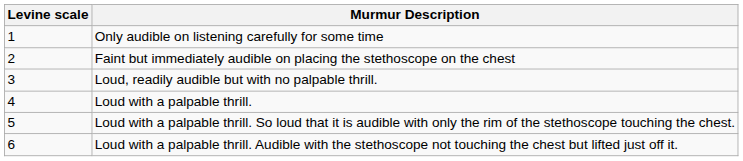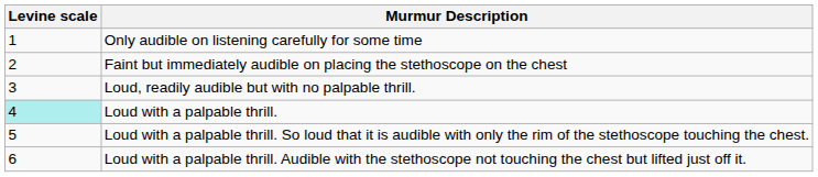 <table class="wikitable">
 <tr>
 <th>Levine scale</th>
 <th>Murmur Description</th>
 </tr>
 <tr>
 <td>1</td>
 <td>Only audible on listening carefully for some time</td>
 </tr>
 <tr>
 <td>2</td>
 <td>Faint but immediately audible on placing the stethoscope on the chest</td>
 </tr>
 <tr>
 <td>3</td>
 <td>Loud, readily audible but with no palpable thrill.</td>
 </tr>
 <tr>
-<td>4</td>
+<td style="background: paleturquoise;">4</td>
 <td>Loud with a palpable thrill.</td>
 </tr>
 <tr>
 <td>5</td>
 <td>Loud with a palpable thrill. So loud that it is audible with only the rim of the stethoscope touching the chest.</td>
 </tr>
 <tr>
 <td>6</td>
 <td>Loud with a palpable thrill. Audible with the stethoscope not touching the chest but lifted just off it.</td>
 </tr>
 </table>
